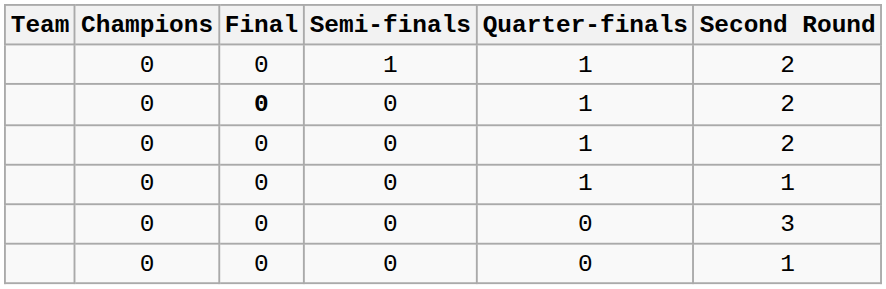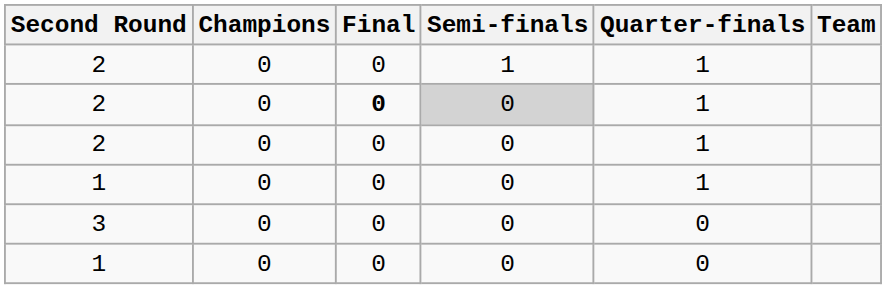 <table class="wikitable sortable" style="text-align:center">
 <tr>
-<th>Team</th>
+<th>Second Round</th>
 <th>Champions</th>
 <th>Final</th>
 <th>Semi-finals</th>
 <th>Quarter-finals</th>
-<th>Second Round</th>
+<th>Team</th>
 </tr>
 <tr>
-<td align=left></td>
+<td>2</td>
 <td>0</td>
 <td>0</td>
 <td>1</td>
 <td>1</td>
-<td>2</td>
+<td align=left></td>
 </tr>
 <tr>
-<td align=left></td>
+<td>2</td>
 <td>0</td>
 <td><strong>0</strong></td>
-<td>0</td>
+<td style="background: lightgrey;">0</td>
 <td>1</td>
-<td>2</td>
+<td align=left></td>
 </tr>
 <tr>
-<td align=left></td>
+<td>2</td>
 <td>0</td>
 <td>0</td>
 <td>0</td>
 <td>1</td>
-<td>2</td>
+<td align=left></td>
 </tr>
 <tr>
-<td align=left></td>
+<td>1</td>
 <td>0</td>
 <td>0</td>
 <td>0</td>
 <td>1</td>
-<td>1</td>
+<td align=left></td>
 </tr>
 <tr>
-<td align=left></td>
+<td>3</td>
 <td>0</td>
 <td>0</td>
 <td>0</td>
 <td>0</td>
-<td>3</td>
+<td align=left></td>
 </tr>
 <tr>
-<td align=left></td>
+<td>1</td>
 <td>0</td>
 <td>0</td>
 <td>0</td>
 <td>0</td>
-<td>1</td>
+<td align=left></td>
 </tr>
 </table>
